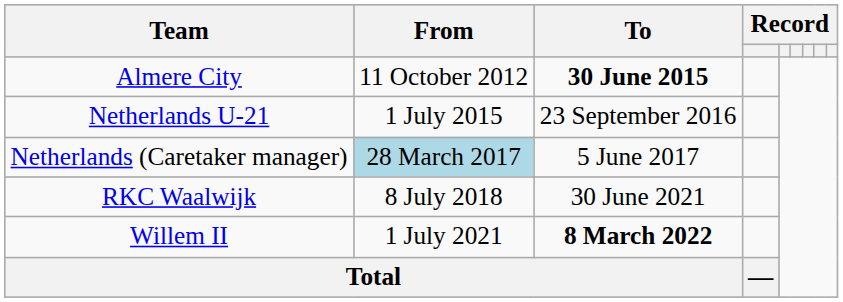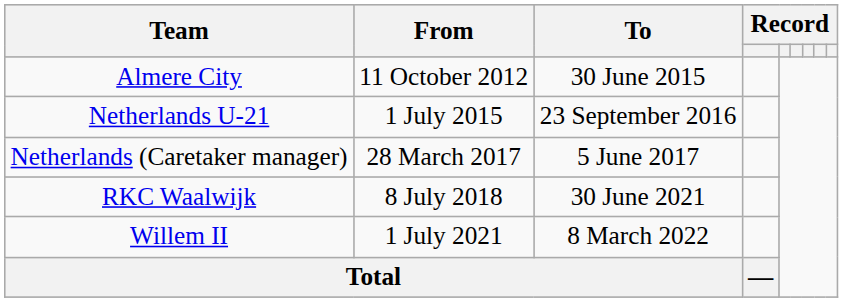 <table class="wikitable" style="text-align:center">
 <tr>
 <th rowspan="2">Team</th>
 <th rowspan="2">From</th>
 <th rowspan="2">To</th>
 <th colspan="6">Record</th>
 </tr>
 <tr>
 <th></th>
 <th></th>
 <th></th>
 <th></th>
 <th></th>
 <th></th>
 </tr>
 <tr>
 <td><a href='#'>Almere City</a></td>
 <td>11 October 2012</td>
-<td><strong>30 June 2015<br></strong></td>
+<td>30 June 2015<br></td>
 <td></td>
 </tr>
 <tr>
 <td><a href='#'>Netherlands U-21</a></td>
 <td>1 July 2015</td>
 <td>23 September 2016<br></td>
 <td></td>
 </tr>
 <tr>
 <td><a href='#'>Netherlands</a> (Caretaker manager)</td>
-<td style="background: lightblue;">28 March 2017</td>
+<td>28 March 2017</td>
 <td>5 June 2017<br></td>
 <td></td>
 </tr>
 <tr>
 <td><a href='#'>RKC Waalwijk</a></td>
 <td>8 July 2018</td>
 <td>30 June 2021<br></td>
 <td></td>
 </tr>
 <tr>
 <td><a href='#'>Willem II</a></td>
 <td>1 July 2021</td>
-<td><strong>8 March 2022<br></strong></td>
+<td>8 March 2022<br></td>
 <td></td>
 </tr>
 <tr>
 <th colspan="3">Total<br></th>
 <th>—</th>
 </tr>
 </table>
